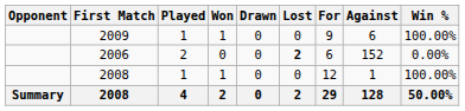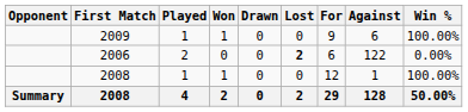 <table class="wikitable sortable" style="text-align:center;">
 <tr>
 <th>Opponent</th>
 <th>First Match</th>
 <th>Played</th>
 <th>Won</th>
 <th>Drawn</th>
 <th>Lost</th>
 <th>For</th>
 <th>Against</th>
 <th>Win %</th>
 </tr>
 <tr>
 <td style="text-align: left;"></td>
 <td>2009</td>
 <td>1</td>
 <td>1</td>
 <td>0</td>
 <td>0</td>
 <td>9</td>
 <td>6</td>
 <td>100.00%</td>
 </tr>
 <tr>
 <td style="text-align: left;"></td>
 <td>2006</td>
 <td>2</td>
 <td>0</td>
 <td>0</td>
 <td><strong>2</strong></td>
 <td>6</td>
-<td>152</td>
+<td>122</td>
 <td>0.00%</td>
 </tr>
 <tr>
 <td style="text-align: left;"></td>
 <td>2008</td>
 <td>1</td>
 <td>1</td>
 <td>0</td>
 <td>0</td>
 <td>12</td>
 <td>1</td>
 <td>100.00%</td>
 </tr>
 <tr>
 <th>Summary</th>
 <th>2008</th>
 <th>4</th>
 <th>2</th>
 <th>0</th>
 <th>2</th>
 <th>29</th>
 <th>128</th>
 <th>50.00%</th>
 </tr>
 </table>
